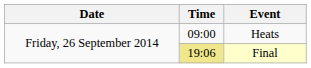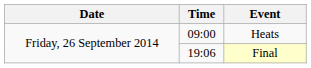 <table class = "wikitable" style="text-align:center;">
 <tr>
 <th width=220>Date</th>
 <th width=50>Time</th>
 <th width=100>Event</th>
 </tr>
 <tr>
 <td rowspan=2>Friday, 26 September 2014</td>
 <td>09:00</td>
 <td>Heats</td>
 </tr>
 <tr>
-<td style="background: khaki;">19:06</td>
+<td>19:06</td>
 <td bgcolor=ffffcc>Final</td>
 </tr>
 </table>
